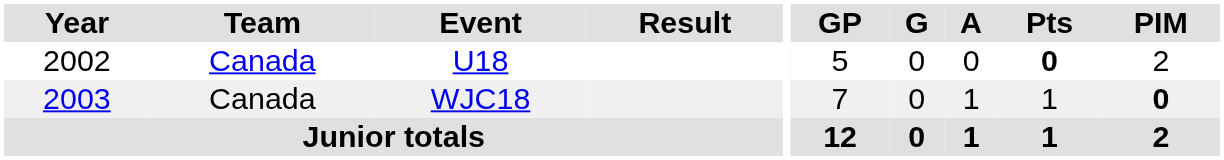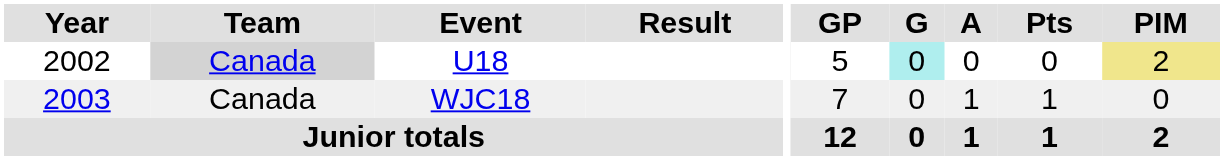 <table border="0" cellpadding="1" cellspacing="0" ID="Table3" style="text-align:center; width:40em">
 <tr ALIGN="centre" bgcolor="#e0e0e0">
 <th>Year</th>
 <th>Team</th>
 <th>Event</th>
 <th>Result</th>
 <th rowspan="99" bgcolor="#ffffff"></th>
 <th>GP</th>
 <th>G</th>
 <th>A</th>
 <th>Pts</th>
 <th>PIM</th>
 </tr>
 <tr>
 <td>2002</td>
-<td><a href='#'>Canada</a></td>
+<td style="background: lightgrey;"><a href='#'>Canada</a></td>
 <td><a href='#'>U18</a></td>
 <td></td>
 <td>5</td>
+<td style="background: paleturquoise;">0</td>
 <td>0</td>
 <td>0</td>
-<td><strong>0</strong></td>
-<td>2</td>
+<td style="background: khaki;">2</td>
 </tr>
 <tr bgcolor="#f0f0f0">
 <td><a href='#'>2003</a></td>
 <td>Canada</td>
 <td><a href='#'>WJC18</a></td>
 <td></td>
 <td>7</td>
 <td>0</td>
 <td>1</td>
 <td>1</td>
-<td><strong>0</strong></td>
+<td>0</td>
 </tr>
 <tr bgcolor="#e0e0e0">
 <th colspan="4">Junior totals</th>
 <th>12</th>
 <th>0</th>
 <th>1</th>
 <th>1</th>
 <th>2</th>
 </tr>
 </table>
